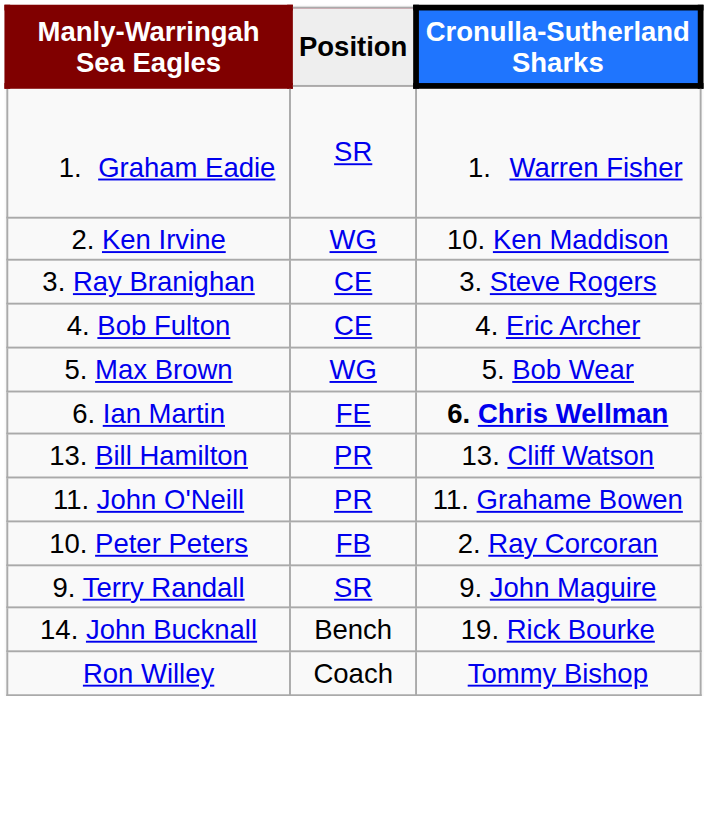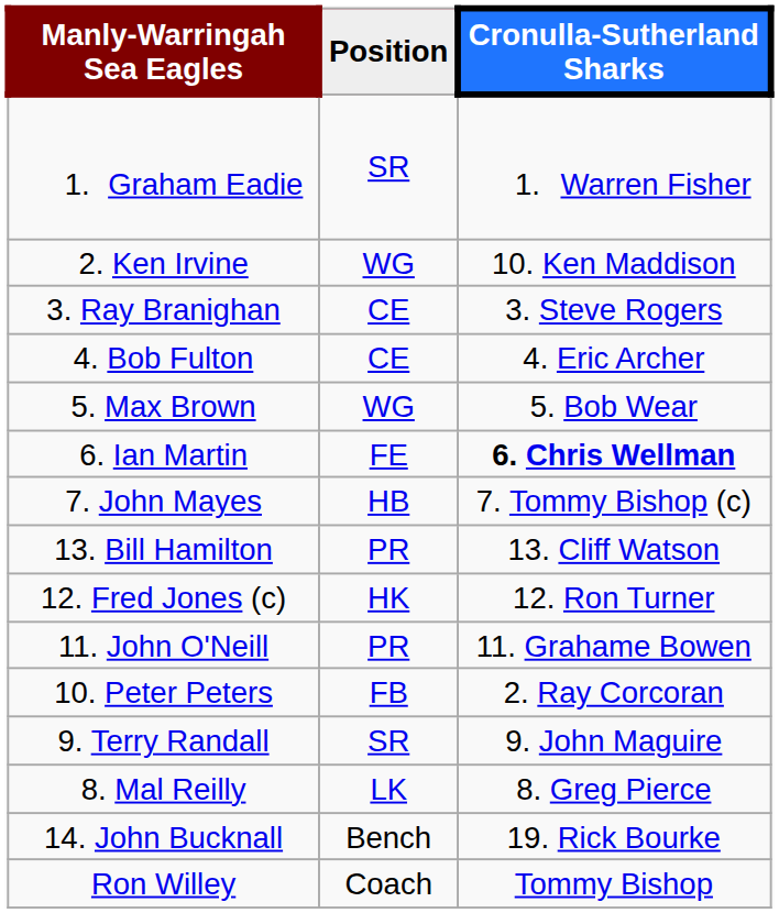 <table class="wikitable" style="float:right; font-size:90%; margin-left:1em;">
 <tr style="background:#f03;">
 <th style="width:140px; border:3px solid maroon; background: maroon; color: white">Manly-Warringah Sea Eagles</th>
 <th style="width:40px; text-align:center; background:#eee; color:black;">Position</th>
 <th style="width:140px; border:3px solid black; background: #1F75FE; color: white">Cronulla-Sutherland Sharks</th>
 </tr>
 <tr align=center>
 <td><br><ol><li><a href='#'>Graham Eadie</a></li></ol></td>
 <td><a href='#'>SR</a></td>
 <td><br><ol><li><a href='#'>Warren Fisher</a></li></ol></td>
 </tr>
 <tr align=center>
 <td>2. <a href='#'>Ken Irvine</a></td>
 <td><a href='#'>WG</a></td>
 <td>10. <a href='#'>Ken Maddison</a></td>
 </tr>
 <tr align=center>
 <td>3. <a href='#'>Ray Branighan</a></td>
 <td><a href='#'>CE</a></td>
 <td>3. <a href='#'>Steve Rogers</a></td>
 </tr>
 <tr align=center>
 <td>4. <a href='#'>Bob Fulton</a></td>
 <td><a href='#'>CE</a></td>
 <td>4. <a href='#'>Eric Archer</a></td>
 </tr>
 <tr align=center>
 <td>5. <a href='#'>Max Brown</a></td>
 <td><a href='#'>WG</a></td>
 <td>5. <a href='#'>Bob Wear</a></td>
 </tr>
 <tr align=center>
 <td>6. <a href='#'>Ian Martin</a></td>
 <td><a href='#'>FE</a></td>
 <td><strong>6. <a href='#'>Chris Wellman</a></strong></td>
 </tr>
 <tr align=center>
+<td>7. <a href='#'>John Mayes</a></td>
+<td><a href='#'>HB</a></td>
+<td>7. <a href='#'>Tommy Bishop</a> (c)</td>
+</tr>
+<tr align=center>
 <td>13. <a href='#'>Bill Hamilton</a></td>
 <td><a href='#'>PR</a></td>
 <td>13. <a href='#'>Cliff Watson</a></td>
+</tr>
+<tr align=center>
+<td>12. <a href='#'>Fred Jones</a> (c)</td>
+<td><a href='#'>HK</a></td>
+<td>12. <a href='#'>Ron Turner</a></td>
 </tr>
 <tr align=center>
 <td>11. <a href='#'>John O'Neill</a></td>
 <td><a href='#'>PR</a></td>
 <td>11. <a href='#'>Grahame Bowen</a></td>
 </tr>
 <tr align=center>
 <td>10. <a href='#'>Peter Peters</a></td>
 <td><a href='#'>FB</a></td>
 <td>2. <a href='#'>Ray Corcoran</a></td>
 </tr>
 <tr align=center>
 <td>9. <a href='#'>Terry Randall</a></td>
 <td><a href='#'>SR</a></td>
 <td>9. <a href='#'>John Maguire</a></td>
 </tr>
 <tr align=center>
+<td>8. <a href='#'>Mal Reilly</a></td>
+<td><a href='#'>LK</a></td>
+<td>8. <a href='#'>Greg Pierce</a></td>
+</tr>
+<tr align=center>
 <td>14. <a href='#'>John Bucknall</a></td>
 <td>Bench</td>
 <td>19. <a href='#'>Rick Bourke</a></td>
 </tr>
 <tr align=center>
 <td><a href='#'>Ron Willey</a></td>
 <td>Coach</td>
 <td><a href='#'>Tommy Bishop</a></td>
 </tr>
 </table>
